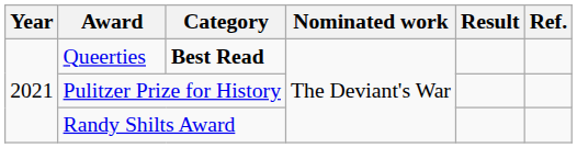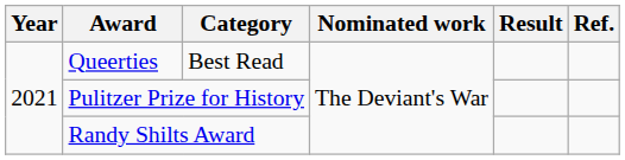 <table class="wikitable">
 <tr>
 <th>Year</th>
 <th>Award</th>
 <th>Category</th>
 <th>Nominated work</th>
 <th>Result</th>
 <th>Ref.</th>
 </tr>
 <tr>
 <td rowspan="3">2021</td>
 <td><a href='#'>Queerties</a></td>
-<td><strong>Best Read</strong></td>
+<td>Best Read</td>
 <td rowspan="3">The Deviant's War</td>
 <td></td>
 <td></td>
 </tr>
 <tr>
 <td colspan="2"><a href='#'>Pulitzer Prize for History</a></td>
 <td></td>
 <td></td>
 </tr>
 <tr>
 <td colspan="2"><a href='#'>Randy Shilts Award</a></td>
 <td></td>
 <td></td>
 </tr>
 </table>
